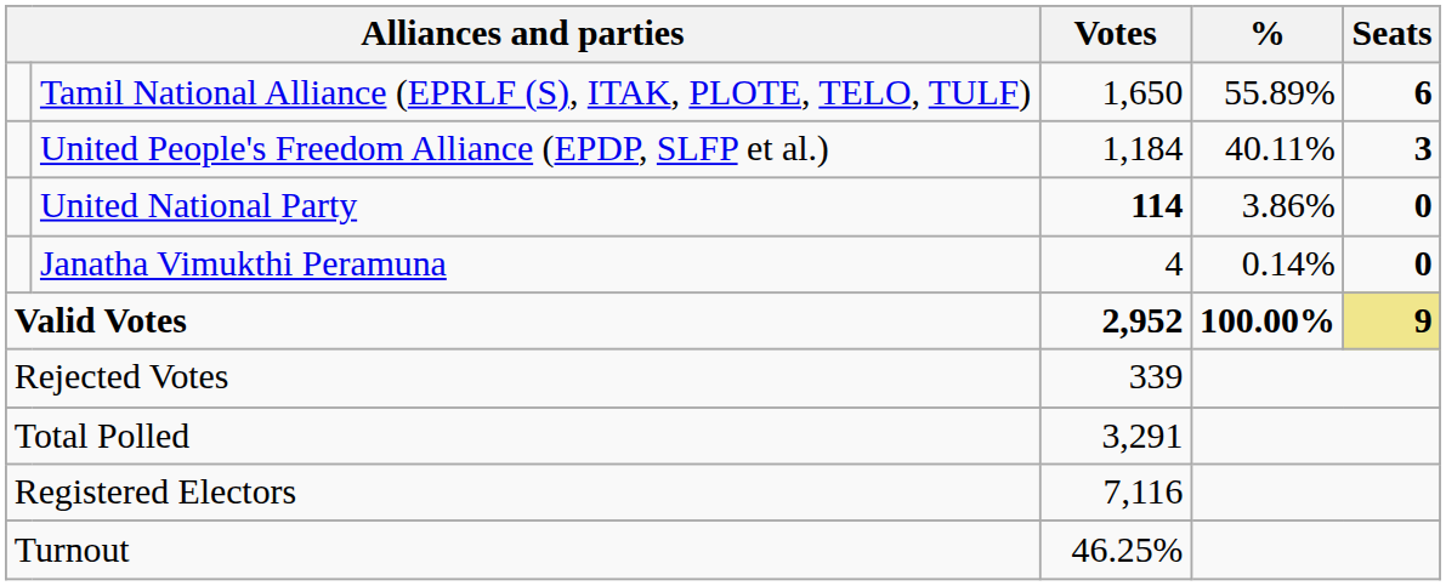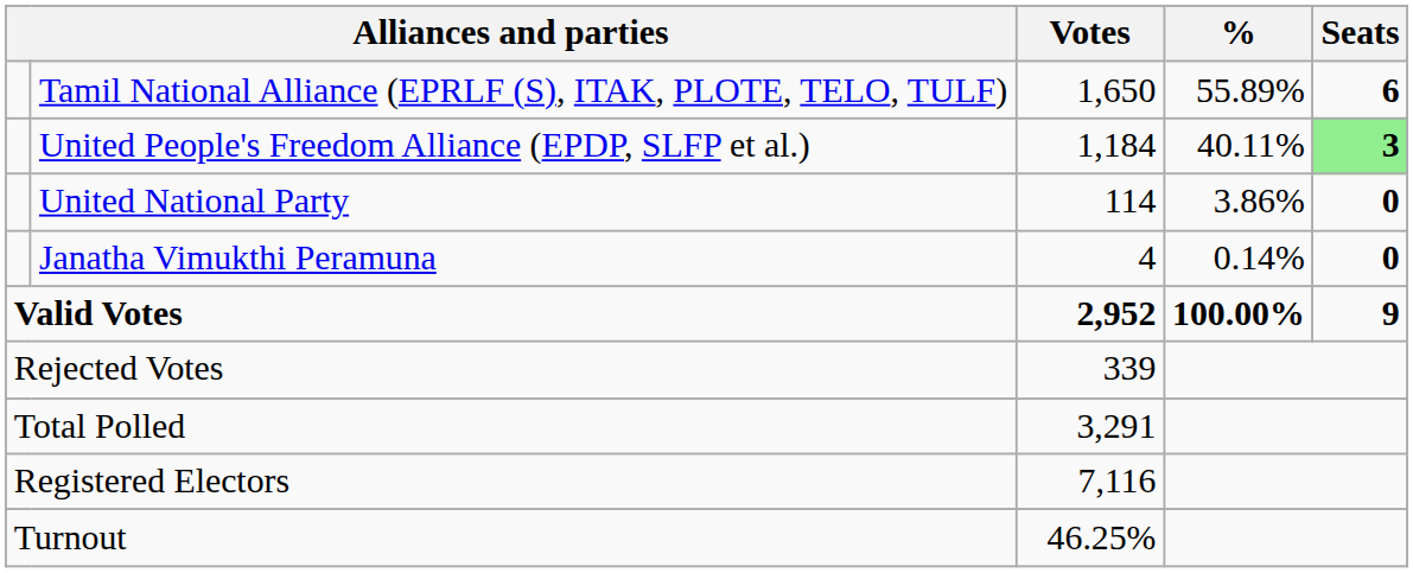 <table class="wikitable" border="1" style="text-align:right;">
 <tr>
 <th valign=bottom align=left colspan=2>Alliances and parties</th>
 <th valign=bottom align=center width="60">Votes</th>
 <th valign=bottom align=center width="50">%</th>
 <th valign=bottom align=center>Seats</th>
 </tr>
 <tr>
 <td bgcolor=> </td>
 <td align=left><a href='#'>Tamil National Alliance</a> (<a href='#'>EPRLF (S)</a>, <a href='#'>ITAK</a>, <a href='#'>PLOTE</a>, <a href='#'>TELO</a>, <a href='#'>TULF</a>)</td>
 <td>1,650</td>
 <td>55.89%</td>
 <td><strong>6</strong></td>
 </tr>
 <tr>
 <td bgcolor=> </td>
 <td align=left><a href='#'>United People's Freedom Alliance</a> (<a href='#'>EPDP</a>, <a href='#'>SLFP</a> et al.)</td>
 <td>1,184</td>
 <td>40.11%</td>
-<td><strong>3</strong></td>
+<td style="background: lightgreen;"><strong>3</strong></td>
 </tr>
 <tr>
 <td bgcolor=> </td>
 <td align=left><a href='#'>United National Party</a></td>
-<td><strong>114</strong></td>
+<td>114</td>
 <td>3.86%</td>
 <td><strong>0</strong></td>
 </tr>
 <tr>
 <td bgcolor=> </td>
 <td align=left><a href='#'>Janatha Vimukthi Peramuna</a></td>
 <td>4</td>
 <td>0.14%</td>
 <td><strong>0</strong></td>
 </tr>
 <tr>
 <td colspan=2 align=left><strong>Valid Votes</strong></td>
 <td><strong>2,952</strong></td>
 <td><strong>100.00%</strong></td>
-<td style="background: khaki;"><strong>9</strong></td>
+<td><strong>9</strong></td>
 </tr>
 <tr>
 <td colspan=2 align=left>Rejected Votes</td>
 <td>339</td>
 <td colspan=2></td>
 </tr>
 <tr>
 <td colspan=2 align=left>Total Polled</td>
 <td>3,291</td>
 <td colspan=2></td>
 </tr>
 <tr>
 <td colspan=2 align=left>Registered Electors</td>
 <td>7,116</td>
 <td colspan=2></td>
 </tr>
 <tr>
 <td colspan=2 align=left>Turnout</td>
 <td>46.25%</td>
 <td colspan=2></td>
 </tr>
 </table>
